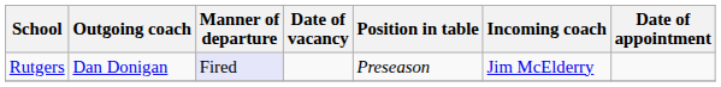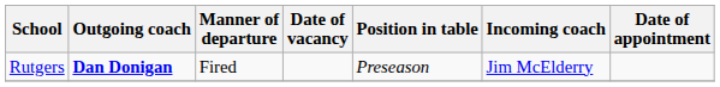 <table class="wikitable sortable">
 <tr>
 <th>School</th>
 <th>Outgoing coach</th>
 <th>Manner of <br> departure</th>
 <th>Date of <br> vacancy</th>
 <th>Position in table</th>
 <th>Incoming coach</th>
 <th>Date of <br> appointment</th>
 </tr>
 <tr>
 <td><a href='#'>Rutgers</a></td>
-<td> <a href='#'>Dan Donigan</a></td>
-<td style="background: lavender;">Fired</td>
+<td><strong> <a href='#'>Dan Donigan</a></strong></td>
+<td>Fired</td>
 <td></td>
 <td><em>Preseason</em></td>
 <td> <a href='#'>Jim McElderry</a></td>
 <td></td>
 </tr>
 <tr>
 </tr>
 </table>
